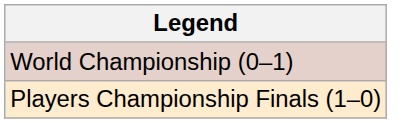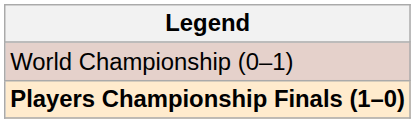 <table class="wikitable">
 <tr>
 <th>Legend</th>
 </tr>
 <tr style="background:#e5d1cb;">
 <td>World Championship (0–1)</td>
 </tr>
 <tr style="background:#ffebcd;">
-<td>Players Championship Finals (1–0)</td>
+<td><strong>Players Championship Finals (1–0)</strong></td>
 </tr>
 </table>
